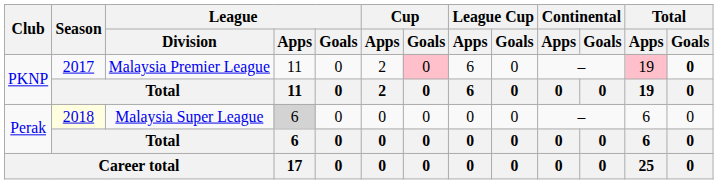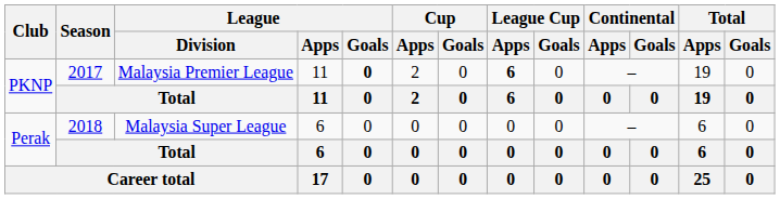 <table class=wikitable style="text-align:center">
 <tr>
 <th rowspan=2>Club</th>
 <th rowspan=2>Season</th>
 <th colspan=3>League</th>
 <th colspan=2>Cup</th>
 <th colspan=2>League Cup</th>
 <th colspan=2>Continental</th>
 <th colspan=2>Total</th>
 </tr>
 <tr>
 <th>Division</th>
 <th>Apps</th>
 <th>Goals</th>
 <th>Apps</th>
 <th>Goals</th>
 <th>Apps</th>
 <th>Goals</th>
 <th>Apps</th>
 <th>Goals</th>
 <th>Apps</th>
 <th>Goals</th>
 </tr>
 <tr>
 <td rowspan="2"><a href='#'>PKNP</a></td>
 <td><a href='#'>2017</a></td>
 <td><a href='#'>Malaysia Premier League</a></td>
 <td>11</td>
+<td><strong>0</strong></td>
+<td>2</td>
 <td>0</td>
-<td>2</td>
-<td style="background: pink;">0</td>
-<td>6</td>
+<td><strong>6</strong></td>
 <td>0</td>
 <td colspan="2">–</td>
-<td style="background: pink;">19</td>
-<td><strong>0</strong></td>
+<td>19</td>
+<td>0</td>
 </tr>
 <tr>
 <th colspan=2>Total</th>
 <th>11</th>
 <th>0</th>
 <th>2</th>
 <th>0</th>
 <th>6</th>
 <th>0</th>
 <th>0</th>
 <th>0</th>
 <th>19</th>
 <th>0</th>
 </tr>
 <tr>
 <td rowspan="2"><a href='#'>Perak</a></td>
-<td style="background: lightyellow;"><a href='#'>2018</a></td>
+<td><a href='#'>2018</a></td>
 <td><a href='#'>Malaysia Super League</a></td>
-<td style="background: lightgrey;">6</td>
+<td>6</td>
 <td>0</td>
 <td>0</td>
 <td>0</td>
 <td>0</td>
 <td>0</td>
 <td colspan="2">–</td>
 <td>6</td>
 <td>0</td>
 </tr>
 <tr>
 <th colspan=2>Total</th>
 <th>6</th>
 <th>0</th>
 <th>0</th>
 <th>0</th>
 <th>0</th>
 <th>0</th>
 <th>0</th>
 <th>0</th>
 <th>6</th>
 <th>0</th>
 </tr>
 <tr>
 <th colspan=3>Career total</th>
 <th>17</th>
 <th>0</th>
 <th>0</th>
 <th>0</th>
 <th>0</th>
 <th>0</th>
 <th>0</th>
 <th>0</th>
 <th>25</th>
 <th>0</th>
 </tr>
 </table>
